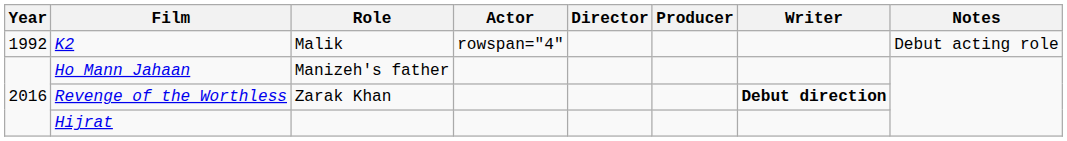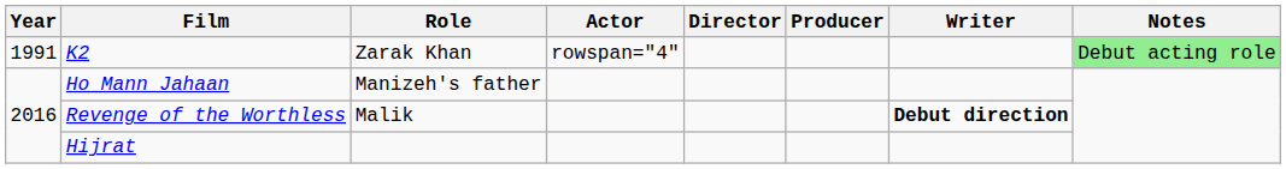 <table class="wikitable soratble">
 <tr>
 <th>Year</th>
 <th>Film</th>
 <th>Role</th>
 <th>Actor</th>
 <th>Director</th>
 <th>Producer</th>
 <th>Writer</th>
 <th class="unsortable">Notes</th>
 </tr>
 <tr>
-<td style="text-align:center;">1992</td>
+<td style="text-align:center;">1991</td>
 <td><em><a href='#'>K2</a></em></td>
-<td>Malik</td>
+<td>Zarak Khan</td>
 <td>rowspan="4" </td>
 <td></td>
 <td></td>
 <td></td>
-<td>Debut acting role</td>
+<td style="background: lightgreen;">Debut acting role</td>
 </tr>
 <tr>
 <td rowspan=3>2016</td>
 <td><em><a href='#'>Ho Mann Jahaan</a></em></td>
 <td>Manizeh's father</td>
 <td></td>
 <td></td>
 <td></td>
 <td></td>
 </tr>
 <tr>
 <td><em><a href='#'>Revenge of the Worthless</a></em></td>
-<td>Zarak Khan</td>
+<td>Malik</td>
 <td></td>
 <td></td>
 <td></td>
 <td><strong>Debut direction</strong></td>
 </tr>
 <tr>
 <td><em><a href='#'>Hijrat</a></em></td>
 <td></td>
 <td></td>
 <td></td>
 <td></td>
 <td></td>
 </tr>
 </table>
